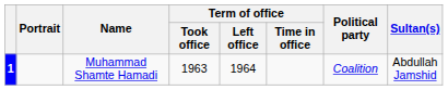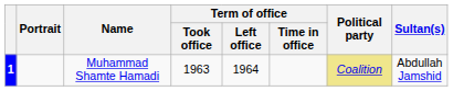 <table class="wikitable" style="text-align:center">
 <tr>
 <th rowspan="2"></th>
 <th rowspan="2">Portrait</th>
 <th rowspan="2">Name<br></th>
 <th colspan="3">Term of office</th>
 <th rowspan="2">Political party</th>
 <th rowspan="2"><a href='#'>Sultan(s)</a></th>
 </tr>
 <tr>
 <th>Took office</th>
 <th>Left office</th>
 <th>Time in office</th>
 </tr>
 <tr>
 <th style="background:Blue; color:white;">1</th>
 <td></td>
 <td><a href='#'>Muhammad Shamte Hamadi</a><br></td>
 <td> 1963</td>
 <td> 1964<br></td>
 <td></td>
-<td><em><a href='#'>Coalition</a></em><br></td>
+<td style="background: khaki;"><em><a href='#'>Coalition</a></em><br></td>
 <td>Abdullah<br><a href='#'>Jamshid</a></td>
 </tr>
 </table>
